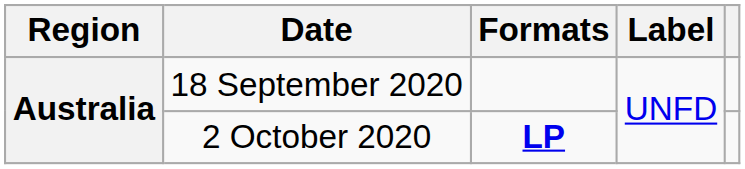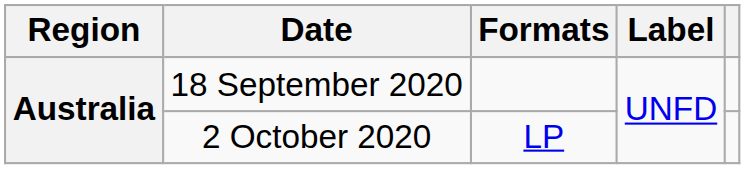 <table class="wikitable plainrowheaders" style="text-align:center;">
 <tr>
 <th>Region</th>
 <th>Date</th>
 <th>Formats</th>
 <th>Label</th>
 <th></th>
 </tr>
 <tr>
 <th scope="row" rowspan="2">Australia</th>
 <td>18 September 2020</td>
 <td></td>
 <td rowspan="2"><a href='#'>UNFD</a></td>
 <td></td>
 </tr>
 <tr>
 <td>2 October 2020</td>
-<td><strong><a href='#'>LP</a></strong></td>
+<td><a href='#'>LP</a></td>
 <td></td>
 </tr>
 </table>
